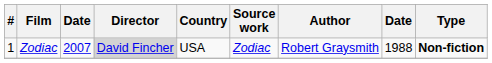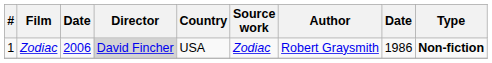 <table class="wikitable">
 <tr>
 <th>#</th>
 <th>Film</th>
 <th>Date</th>
 <th>Director</th>
 <th>Country</th>
 <th>Source<br>work</th>
 <th>Author</th>
 <th>Date</th>
 <th>Type</th>
 </tr>
 <tr>
 <td>1</td>
 <td><em><a href='#'>Zodiac</a></em></td>
-<td><a href='#'>2007</a></td>
+<td><a href='#'>2006</a></td>
 <td style="background: lightgrey;"><a href='#'>David Fincher</a></td>
 <td>USA</td>
 <td><em><a href='#'>Zodiac</a></em></td>
 <td><a href='#'>Robert Graysmith</a></td>
-<td>1988</td>
+<td>1986</td>
 <td><strong>Non-fiction</strong></td>
 </tr>
 <tr>
 </tr>
 </table>
